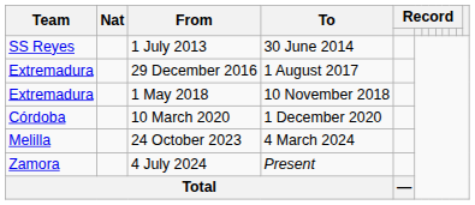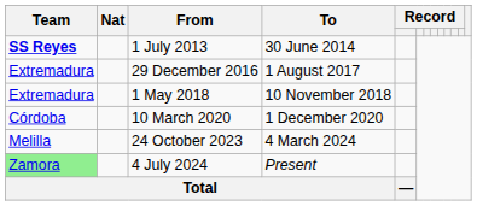 <table class="wikitable" style="text-align: center">
 <tr>
 <th rowspan="2">Team</th>
 <th rowspan="2">Nat</th>
 <th rowspan="2">From</th>
 <th rowspan="2">To</th>
 <th colspan="8">Record</th>
 <th rowspan=2></th>
 </tr>
 <tr>
 <th></th>
 <th></th>
 <th></th>
 <th></th>
 <th></th>
 <th></th>
 <th></th>
 <th></th>
 </tr>
 <tr>
-<td align=left><a href='#'>SS Reyes</a></td>
+<td align=left><strong><a href='#'>SS Reyes</a></strong></td>
 <td></td>
 <td align=left>1 July 2013</td>
 <td align=left>30 June 2014<br></td>
 <td></td>
 </tr>
 <tr>
 <td align=left><a href='#'>Extremadura</a></td>
 <td></td>
 <td align=left>29 December 2016</td>
 <td align=left>1 August 2017<br></td>
 <td></td>
 </tr>
 <tr>
 <td align=left><a href='#'>Extremadura</a></td>
 <td></td>
 <td align=left>1 May 2018</td>
 <td align=left>10 November 2018<br></td>
 <td></td>
 </tr>
 <tr>
 <td align=left><a href='#'>Córdoba</a></td>
 <td></td>
 <td align=left>10 March 2020</td>
 <td align=left>1 December 2020<br></td>
 <td></td>
 </tr>
 <tr>
 <td align=left><a href='#'>Melilla</a></td>
 <td></td>
 <td align=left>24 October 2023</td>
 <td align=left>4 March 2024<br></td>
 <td></td>
 </tr>
 <tr>
-<td align=left><a href='#'>Zamora</a></td>
+<td align=left style="background: lightgreen;"><a href='#'>Zamora</a></td>
 <td></td>
 <td align=left>4 July 2024</td>
 <td align=left><em>Present</em><br></td>
 <td></td>
 </tr>
 <tr>
 <th colspan="4">Total<br></th>
 <th>—</th>
 </tr>
 </table>
